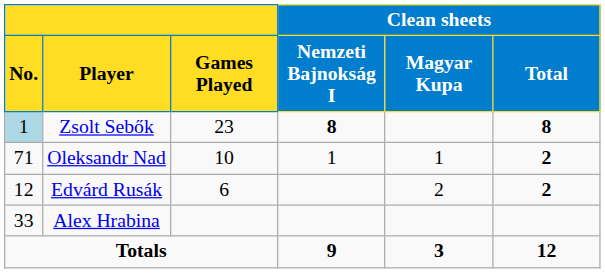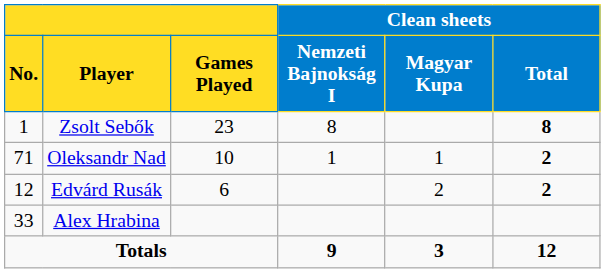 <table class="wikitable sortable alternance" style="text-align:center">
 <tr>
 <th colspan="3" style="background:#FFDD23;border:1px solid #007DCD"></th>
 <th colspan="4" style="background:#007DCD;color:white;border:1px solid #FFDD23">Clean sheets</th>
 </tr>
 <tr>
 <th style="background-color:#FFDD23;color:black;border:1px solid #007DCD">No.</th>
 <th style="background-color:#FFDD23;color:black;border:1px solid #007DCD">Player</th>
 <th width=80 style="background-color:#FFDD23;color:black;border:1px solid #007DCD">Games Played</th>
 <th width=80 style="background-color:#007DCD;color:white;border:1px solid #FFDD23">Nemzeti Bajnokság I</th>
 <th width=80 style="background-color:#007DCD;color:white;border:1px solid #FFDD23">Magyar Kupa</th>
 <th width=80 style="background-color:#007DCD;color:white;border:1px solid #FFDD23">Total</th>
 </tr>
 <tr>
-<td style="background: lightblue;">1</td>
+<td>1</td>
 <td> <a href='#'>Zsolt Sebők</a></td>
 <td>23</td>
-<td><strong>8</strong></td>
+<td>8</td>
 <td></td>
 <td><strong>8</strong></td>
 </tr>
 <tr>
 <td>71</td>
 <td> <a href='#'>Oleksandr Nad</a></td>
 <td>10</td>
 <td>1</td>
 <td>1</td>
 <td><strong>2</strong></td>
 </tr>
 <tr>
 <td>12</td>
 <td> <a href='#'>Edvárd Rusák</a></td>
 <td>6</td>
 <td></td>
 <td>2</td>
 <td><strong>2</strong></td>
 </tr>
 <tr>
 <td>33</td>
 <td> <a href='#'>Alex Hrabina</a></td>
 <td></td>
 <td></td>
 <td></td>
 <td></td>
 </tr>
 <tr class="sortbottom">
 <td colspan="3"><strong>Totals</strong></td>
 <td><strong>9</strong></td>
 <td><strong>3</strong></td>
 <td><strong>12</strong></td>
 </tr>
 </table>
